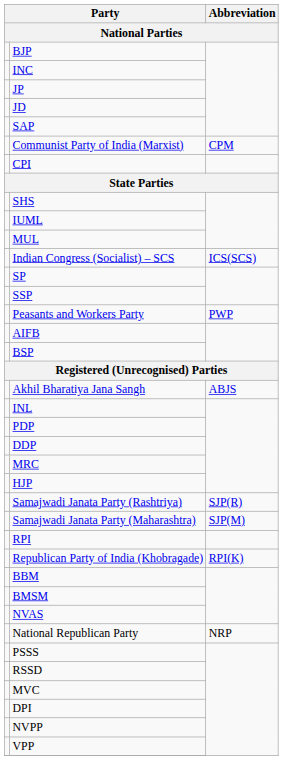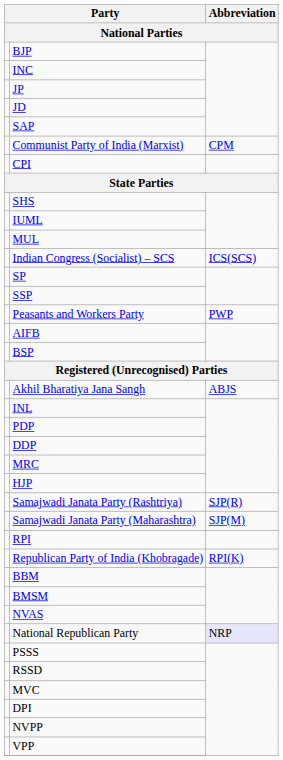 <table class="wikitable">
 <tr>
 <th Colspan=2>Party</th>
 <th>Abbreviation</th>
 </tr>
 <tr>
 <th Colspan=4>National Parties</th>
 </tr>
 <tr>
 <td></td>
 <td><a href='#'>BJP</a></td>
 </tr>
 <tr>
 <td></td>
 <td><a href='#'>INC</a></td>
 </tr>
 <tr>
 <td></td>
 <td><a href='#'>JP</a></td>
 </tr>
 <tr>
 <td></td>
 <td><a href='#'>JD</a></td>
 </tr>
 <tr>
 <td></td>
 <td><a href='#'>SAP</a></td>
 </tr>
 <tr>
 <td></td>
 <td><a href='#'>Communist Party of India (Marxist)</a></td>
 <td><a href='#'>CPM</a></td>
 </tr>
 <tr>
 <td></td>
 <td><a href='#'>CPI</a></td>
 </tr>
 <tr>
 <th Colspan=4>State Parties</th>
 </tr>
 <tr>
 <td></td>
 <td><a href='#'>SHS</a></td>
 </tr>
 <tr>
 <td></td>
 <td><a href='#'>IUML</a></td>
 </tr>
 <tr>
 <td></td>
 <td><a href='#'>MUL</a></td>
 </tr>
 <tr>
 <td></td>
 <td><a href='#'>Indian Congress (Socialist) – SCS</a></td>
 <td><a href='#'>ICS(SCS)</a></td>
 </tr>
 <tr>
 <td></td>
 <td><a href='#'>SP</a></td>
 </tr>
 <tr>
 <td></td>
 <td><a href='#'>SSP</a></td>
 </tr>
 <tr>
 <td></td>
 <td><a href='#'>Peasants and Workers Party</a></td>
 <td><a href='#'>PWP</a></td>
 </tr>
 <tr>
 <td></td>
 <td><a href='#'>AIFB</a></td>
 </tr>
 <tr>
 <td></td>
 <td><a href='#'>BSP</a></td>
 </tr>
 <tr>
 <th Colspan=4>Registered (Unrecognised) Parties</th>
 </tr>
 <tr>
 <td></td>
 <td><a href='#'>Akhil Bharatiya Jana Sangh</a></td>
 <td><a href='#'>ABJS</a></td>
 </tr>
 <tr>
 <td></td>
 <td><a href='#'>INL</a></td>
 </tr>
 <tr>
 <td></td>
 <td><a href='#'>PDP</a></td>
 </tr>
 <tr>
 <td></td>
 <td><a href='#'>DDP</a></td>
 </tr>
 <tr>
 <td></td>
 <td><a href='#'>MRC</a></td>
 </tr>
 <tr>
 <td></td>
 <td><a href='#'>HJP</a></td>
 </tr>
 <tr>
 <td></td>
 <td><a href='#'>Samajwadi Janata Party (Rashtriya)</a></td>
 <td><a href='#'>SJP(R)</a></td>
 </tr>
 <tr>
 <td></td>
 <td><a href='#'>Samajwadi Janata Party (Maharashtra)</a></td>
 <td><a href='#'>SJP(M)</a></td>
 </tr>
 <tr>
 <td></td>
 <td><a href='#'>RPI</a></td>
 </tr>
 <tr>
 <td></td>
 <td><a href='#'>Republican Party of India (Khobragade)</a></td>
 <td><a href='#'>RPI(K)</a></td>
 </tr>
 <tr>
 <td></td>
 <td><a href='#'>BBM</a></td>
 </tr>
 <tr>
 <td></td>
 <td><a href='#'>BMSM</a></td>
 </tr>
 <tr>
 <td></td>
 <td><a href='#'>NVAS</a></td>
 </tr>
 <tr>
 <td></td>
 <td>National Republican Party</td>
-<td>NRP</td>
+<td style="background: lavender;">NRP</td>
 </tr>
 <tr>
 <td></td>
 <td>PSSS</td>
 </tr>
 <tr>
 <td></td>
 <td>RSSD</td>
 </tr>
 <tr>
 <td></td>
 <td>MVC</td>
 </tr>
 <tr>
 <td></td>
 <td>DPI</td>
 </tr>
 <tr>
 <td></td>
 <td>NVPP</td>
 </tr>
 <tr>
 <td></td>
 <td>VPP</td>
 </tr>
 <tr>
 </tr>
 </table>
